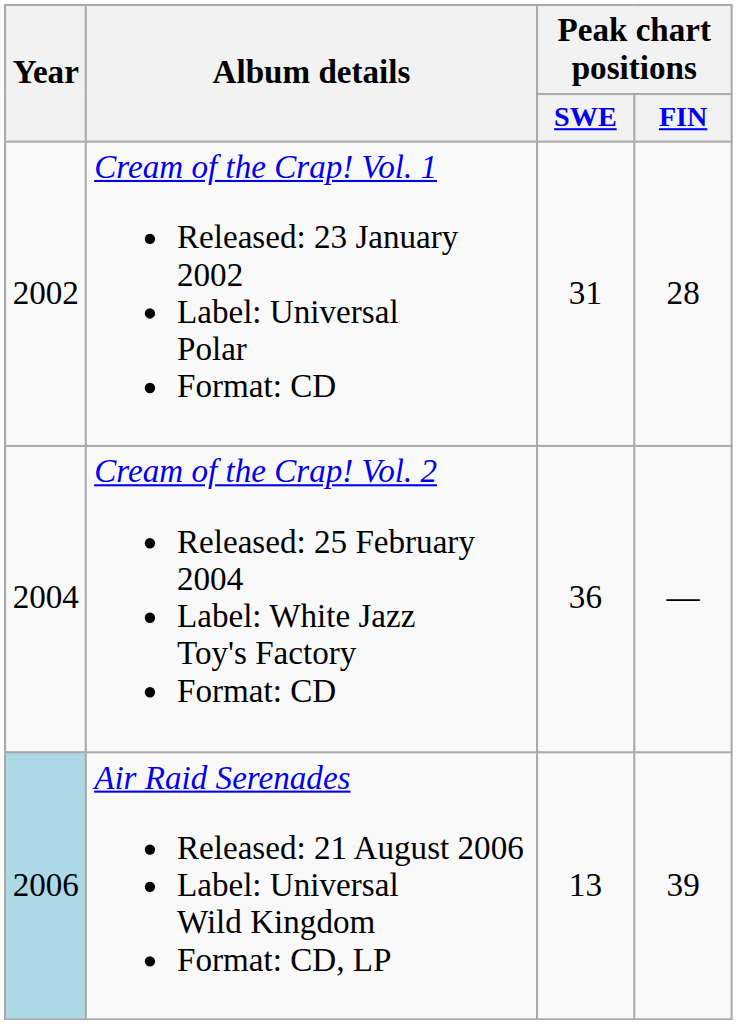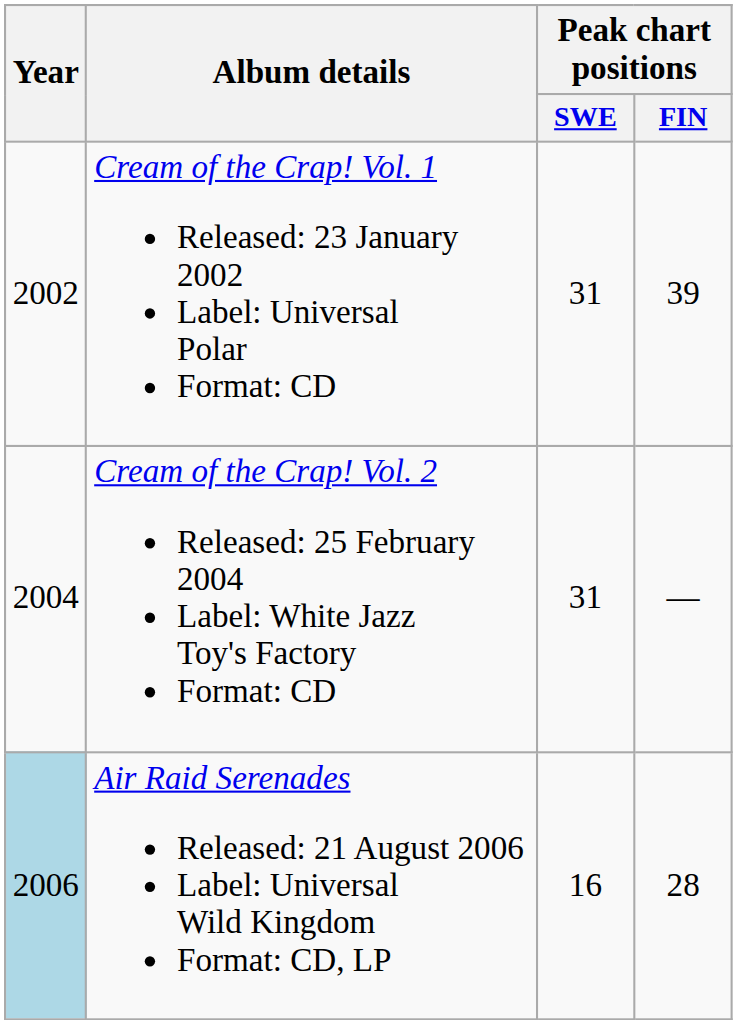 <table class="wikitable" border="1">
 <tr>
 <th scope="col" rowspan="2">Year</th>
 <th scope="col" rowspan="2" width="210">Album details</th>
 <th scope="col" colspan="2">Peak chart positions</th>
 </tr>
 <tr>
 <th scope="col" style="width:3em;font-size:85%"><a href='#'>SWE</a><br> </th>
 <th scope="col" style="width:3em;font-size:85%"><a href='#'>FIN</a><br> </th>
 </tr>
 <tr>
 <td>2002</td>
 <td><em><a href='#'>Cream of the Crap! Vol. 1</a></em><br><ul><li>Released: 23 January 2002</li><li>Label: Universal<br> Polar</li><li>Format: CD</li></ul></td>
 <td align="center">31</td>
-<td align="center">28</td>
+<td align="center">39</td>
 </tr>
 <tr>
 <td>2004</td>
 <td><em><a href='#'>Cream of the Crap! Vol. 2</a></em><br><ul><li>Released: 25 February 2004</li><li>Label: White Jazz<br> Toy's Factory</li><li>Format: CD</li></ul></td>
-<td align="center">36</td>
+<td align="center">31</td>
 <td align="center">—</td>
 </tr>
 <tr>
 <td style="background: lightblue;">2006</td>
 <td><em><a href='#'>Air Raid Serenades</a></em><br><ul><li>Released: 21 August 2006</li><li>Label: Universal<br> Wild Kingdom</li><li>Format: CD, LP</li></ul></td>
-<td align="center">13</td>
-<td align="center">39</td>
+<td align="center">16</td>
+<td align="center">28</td>
 </tr>
 </table>
